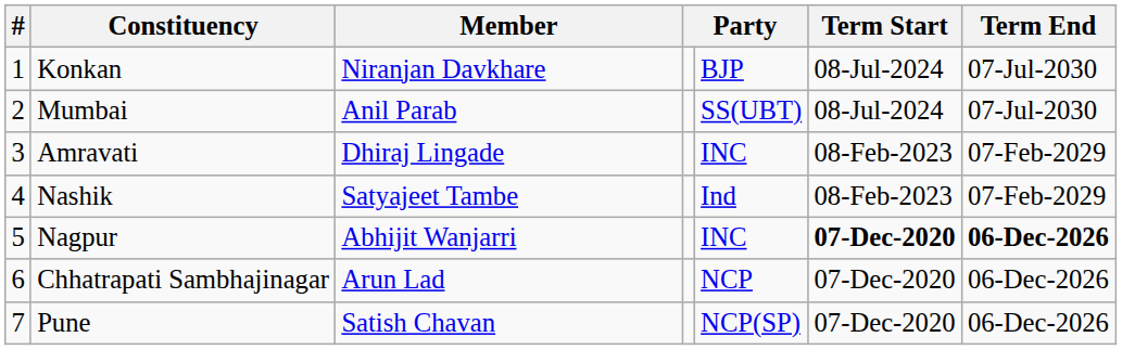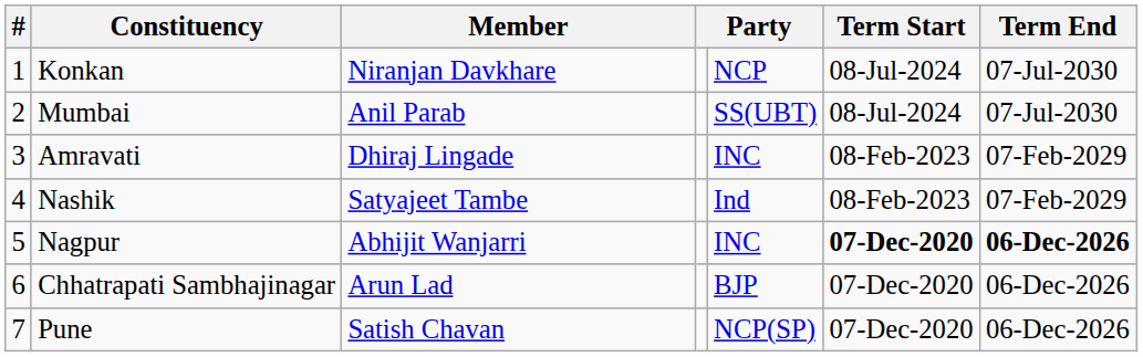 <table class="wikitable sortable">
 <tr>
 <th>#</th>
 <th>Constituency</th>
 <th style="width:200px">Member</th>
 <th colspan="2">Party</th>
 <th>Term Start</th>
 <th>Term End</th>
 </tr>
 <tr>
 <td>1</td>
 <td>Konkan</td>
 <td><a href='#'>Niranjan Davkhare</a></td>
 <td style="background-color: "></td>
-<td><a href='#'>BJP</a></td>
+<td><a href='#'>NCP</a></td>
 <td>08-Jul-2024</td>
 <td>07-Jul-2030</td>
 </tr>
 <tr>
 <td>2</td>
 <td>Mumbai</td>
 <td><a href='#'>Anil Parab</a></td>
 <td style="background-color: "></td>
 <td><a href='#'>SS(UBT)</a></td>
 <td>08-Jul-2024</td>
 <td>07-Jul-2030</td>
 </tr>
 <tr>
 <td>3</td>
 <td>Amravati</td>
 <td><a href='#'>Dhiraj Lingade</a></td>
 <td style="background-color: "></td>
 <td><a href='#'>INC</a></td>
 <td>08-Feb-2023</td>
 <td>07-Feb-2029</td>
 </tr>
 <tr>
 <td>4</td>
 <td>Nashik</td>
 <td><a href='#'>Satyajeet Tambe</a></td>
 <td style="background-color: "></td>
 <td><a href='#'>Ind</a></td>
 <td>08-Feb-2023</td>
 <td>07-Feb-2029</td>
 </tr>
 <tr>
 <td>5</td>
 <td>Nagpur</td>
 <td><a href='#'>Abhijit Wanjarri</a></td>
 <td style="background-color: "></td>
 <td><a href='#'>INC</a></td>
 <td><strong>07-Dec-2020</strong></td>
 <td><strong>06-Dec-2026</strong></td>
 </tr>
 <tr>
 <td>6</td>
 <td>Chhatrapati Sambhajinagar</td>
 <td><a href='#'>Arun Lad</a></td>
 <td style="background-color: "></td>
-<td><a href='#'>NCP</a></td>
+<td><a href='#'>BJP</a></td>
 <td>07-Dec-2020</td>
 <td>06-Dec-2026</td>
 </tr>
 <tr>
 <td>7</td>
 <td>Pune</td>
 <td><a href='#'>Satish Chavan</a></td>
 <td style="background-color: "></td>
 <td><a href='#'>NCP(SP)</a></td>
 <td>07-Dec-2020</td>
 <td>06-Dec-2026</td>
 </tr>
 </table>
